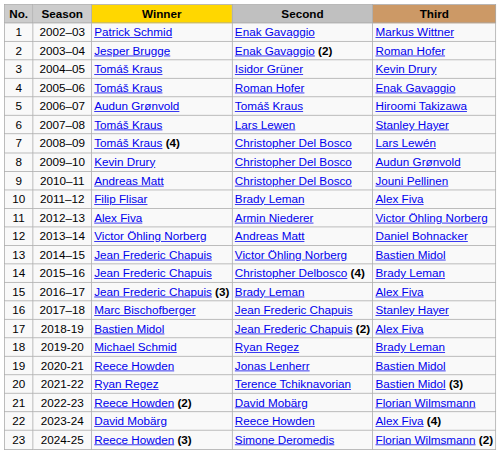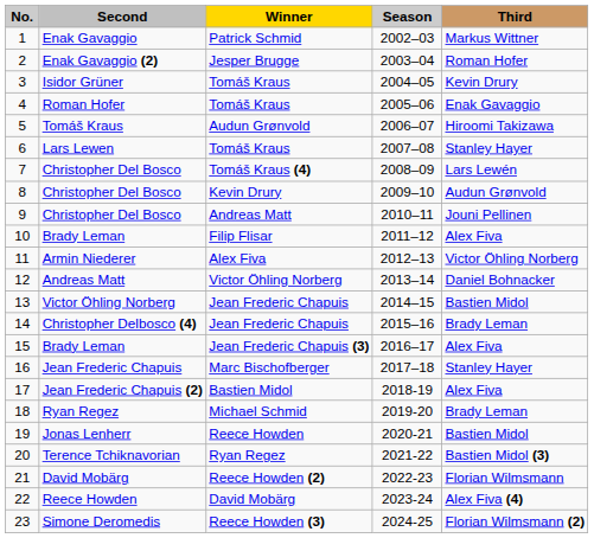 <table class="wikitable" style="font-size:95%;">
 <tr>
 <th style="background:#ccc;" width="30">No.</th>
+<th style="background:silver">Second</th>
+<th style="background:gold">Winner</th>
 <th style="background:#ccc;" width="69">Season</th>
-<th style="background:gold">Winner</th>
-<th style="background:silver">Second</th>
 <th style="background:#c96;">Third</th>
 </tr>
 <tr>
 <td align=center>1</td>
+<td> <a href='#'>Enak Gavaggio</a></td>
+<td> <a href='#'>Patrick Schmid</a></td>
 <td align=center>2002–03</td>
-<td> <a href='#'>Patrick Schmid</a></td>
-<td> <a href='#'>Enak Gavaggio</a></td>
 <td> <a href='#'>Markus Wittner</a></td>
 </tr>
 <tr>
 <td align=center>2</td>
+<td> <a href='#'>Enak Gavaggio</a> <strong>(2)</strong></td>
+<td> <a href='#'>Jesper Brugge</a></td>
 <td align=center>2003–04</td>
-<td> <a href='#'>Jesper Brugge</a></td>
-<td> <a href='#'>Enak Gavaggio</a> <strong>(2)</strong></td>
 <td> <a href='#'>Roman Hofer</a></td>
 </tr>
 <tr>
 <td align=center>3</td>
+<td> <a href='#'>Isidor Grüner</a></td>
+<td> <a href='#'>Tomáš Kraus</a></td>
 <td align=center>2004–05</td>
-<td> <a href='#'>Tomáš Kraus</a></td>
-<td> <a href='#'>Isidor Grüner</a></td>
 <td> <a href='#'>Kevin Drury</a></td>
 </tr>
 <tr>
 <td align=center>4</td>
+<td> <a href='#'>Roman Hofer</a></td>
+<td> <a href='#'>Tomáš Kraus</a></td>
 <td align=center>2005–06</td>
-<td> <a href='#'>Tomáš Kraus</a></td>
-<td> <a href='#'>Roman Hofer</a></td>
 <td> <a href='#'>Enak Gavaggio</a></td>
 </tr>
 <tr>
 <td align=center>5</td>
+<td> <a href='#'>Tomáš Kraus</a></td>
+<td> <a href='#'>Audun Grønvold</a></td>
 <td align=center>2006–07</td>
-<td> <a href='#'>Audun Grønvold</a></td>
-<td> <a href='#'>Tomáš Kraus</a></td>
 <td> <a href='#'>Hiroomi Takizawa</a></td>
 </tr>
 <tr>
 <td align=center>6</td>
+<td> <a href='#'>Lars Lewen</a></td>
+<td> <a href='#'>Tomáš Kraus</a></td>
 <td align=center>2007–08</td>
-<td> <a href='#'>Tomáš Kraus</a></td>
-<td> <a href='#'>Lars Lewen</a></td>
 <td> <a href='#'>Stanley Hayer</a></td>
 </tr>
 <tr>
 <td align=center>7</td>
+<td> <a href='#'>Christopher Del Bosco</a></td>
+<td> <a href='#'>Tomáš Kraus</a> <strong>(4)</strong></td>
 <td align=center>2008–09</td>
-<td> <a href='#'>Tomáš Kraus</a> <strong>(4)</strong></td>
-<td> <a href='#'>Christopher Del Bosco</a></td>
 <td> <a href='#'>Lars Lewén</a></td>
 </tr>
 <tr>
 <td align=center>8</td>
+<td> <a href='#'>Christopher Del Bosco</a></td>
+<td> <a href='#'>Kevin Drury</a></td>
 <td align=center>2009–10</td>
-<td> <a href='#'>Kevin Drury</a></td>
-<td> <a href='#'>Christopher Del Bosco</a></td>
 <td> <a href='#'>Audun Grønvold</a></td>
 </tr>
 <tr>
 <td align=center>9</td>
+<td> <a href='#'>Christopher Del Bosco</a></td>
+<td> <a href='#'>Andreas Matt</a></td>
 <td align=center>2010–11</td>
-<td> <a href='#'>Andreas Matt</a></td>
-<td> <a href='#'>Christopher Del Bosco</a></td>
 <td> <a href='#'>Jouni Pellinen</a></td>
 </tr>
 <tr>
 <td align=center>10</td>
+<td> <a href='#'>Brady Leman</a></td>
+<td> <a href='#'>Filip Flisar</a></td>
 <td align=center>2011–12</td>
-<td> <a href='#'>Filip Flisar</a></td>
-<td> <a href='#'>Brady Leman</a></td>
 <td> <a href='#'>Alex Fiva</a></td>
 </tr>
 <tr>
 <td align=center>11</td>
+<td> <a href='#'>Armin Niederer</a></td>
+<td> <a href='#'>Alex Fiva</a></td>
 <td align=center>2012–13</td>
-<td> <a href='#'>Alex Fiva</a></td>
-<td> <a href='#'>Armin Niederer</a></td>
 <td> <a href='#'>Victor Öhling Norberg</a></td>
 </tr>
 <tr>
 <td align=center>12</td>
+<td> <a href='#'>Andreas Matt</a></td>
+<td> <a href='#'>Victor Öhling Norberg</a></td>
 <td align=center>2013–14</td>
-<td> <a href='#'>Victor Öhling Norberg</a></td>
-<td> <a href='#'>Andreas Matt</a></td>
 <td> <a href='#'>Daniel Bohnacker</a></td>
 </tr>
 <tr>
 <td align=center>13</td>
+<td> <a href='#'>Victor Öhling Norberg</a></td>
+<td> <a href='#'>Jean Frederic Chapuis</a></td>
 <td align=center>2014–15</td>
-<td> <a href='#'>Jean Frederic Chapuis</a></td>
-<td> <a href='#'>Victor Öhling Norberg</a></td>
 <td> <a href='#'>Bastien Midol</a></td>
 </tr>
 <tr>
 <td align=center>14</td>
+<td> <a href='#'>Christopher Delbosco</a> <strong>(4)</strong></td>
+<td> <a href='#'>Jean Frederic Chapuis</a></td>
 <td align=center>2015–16</td>
-<td> <a href='#'>Jean Frederic Chapuis</a></td>
-<td> <a href='#'>Christopher Delbosco</a> <strong>(4)</strong></td>
 <td> <a href='#'>Brady Leman</a></td>
 </tr>
 <tr>
 <td align=center>15</td>
+<td> <a href='#'>Brady Leman</a></td>
+<td> <a href='#'>Jean Frederic Chapuis</a> <strong>(3)</strong></td>
 <td align=center>2016–17</td>
-<td> <a href='#'>Jean Frederic Chapuis</a> <strong>(3)</strong></td>
-<td> <a href='#'>Brady Leman</a></td>
 <td> <a href='#'>Alex Fiva</a></td>
 </tr>
 <tr>
 <td align=center>16</td>
+<td> <a href='#'>Jean Frederic Chapuis</a></td>
+<td> <a href='#'>Marc Bischofberger</a></td>
 <td align=center>2017–18</td>
-<td> <a href='#'>Marc Bischofberger</a></td>
-<td> <a href='#'>Jean Frederic Chapuis</a></td>
 <td> <a href='#'>Stanley Hayer</a></td>
 </tr>
 <tr>
 <td align=center>17</td>
+<td> <a href='#'>Jean Frederic Chapuis</a> <strong>(2)</strong></td>
+<td> <a href='#'>Bastien Midol</a></td>
 <td align=center>2018-19</td>
-<td> <a href='#'>Bastien Midol</a></td>
-<td> <a href='#'>Jean Frederic Chapuis</a> <strong>(2)</strong></td>
 <td> <a href='#'>Alex Fiva</a></td>
 </tr>
 <tr>
 <td align=center>18</td>
+<td> <a href='#'>Ryan Regez</a></td>
+<td> <a href='#'>Michael Schmid</a></td>
 <td align=center>2019-20</td>
-<td> <a href='#'>Michael Schmid</a></td>
-<td> <a href='#'>Ryan Regez</a></td>
 <td> <a href='#'>Brady Leman</a></td>
 </tr>
 <tr>
 <td align=center>19</td>
+<td> <a href='#'>Jonas Lenherr</a></td>
+<td> <a href='#'>Reece Howden</a></td>
 <td align=center>2020-21</td>
-<td> <a href='#'>Reece Howden</a></td>
-<td> <a href='#'>Jonas Lenherr</a></td>
 <td> <a href='#'>Bastien Midol</a></td>
 </tr>
 <tr>
 <td align=center>20</td>
+<td> <a href='#'>Terence Tchiknavorian</a></td>
+<td> <a href='#'>Ryan Regez</a></td>
 <td align=center>2021-22</td>
-<td> <a href='#'>Ryan Regez</a></td>
-<td> <a href='#'>Terence Tchiknavorian</a></td>
 <td> <a href='#'>Bastien Midol</a> <strong>(3)</strong></td>
 </tr>
 <tr>
 <td align=center>21</td>
+<td> <a href='#'>David Mobärg</a></td>
+<td> <a href='#'>Reece Howden</a> <strong>(2)</strong></td>
 <td align=center>2022-23</td>
-<td> <a href='#'>Reece Howden</a> <strong>(2)</strong></td>
-<td> <a href='#'>David Mobärg</a></td>
 <td> <a href='#'>Florian Wilmsmann</a></td>
 </tr>
 <tr>
 <td align=center>22</td>
+<td> <a href='#'>Reece Howden</a></td>
+<td> <a href='#'>David Mobärg</a></td>
 <td align=center>2023-24</td>
-<td> <a href='#'>David Mobärg</a></td>
-<td> <a href='#'>Reece Howden</a></td>
 <td> <a href='#'>Alex Fiva</a> <strong>(4)</strong></td>
 </tr>
 <tr>
 <td align=center>23</td>
+<td> <a href='#'>Simone Deromedis</a></td>
+<td> <a href='#'>Reece Howden</a> <strong>(3)</strong></td>
 <td align=center>2024-25</td>
-<td> <a href='#'>Reece Howden</a> <strong>(3)</strong></td>
-<td> <a href='#'>Simone Deromedis</a></td>
 <td> <a href='#'>Florian Wilmsmann</a> <strong>(2)</strong></td>
 </tr>
 </table>
